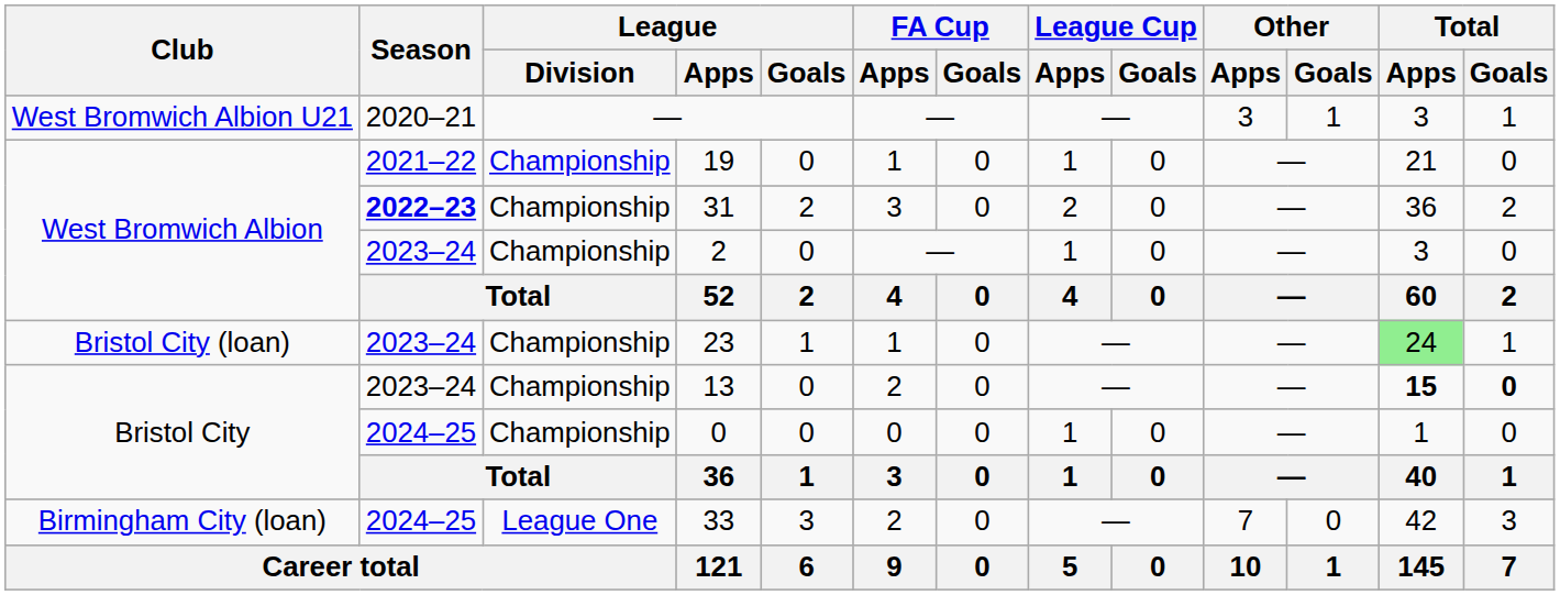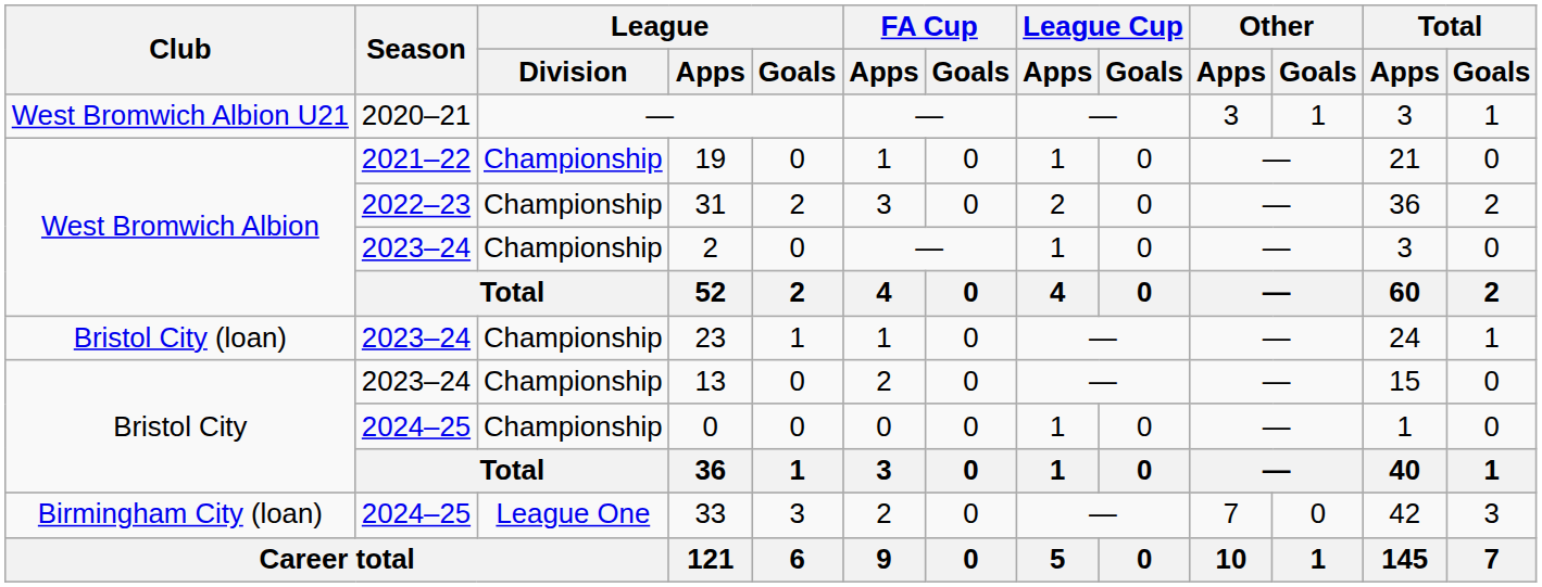 <table class="wikitable" style="text-align: center">
 <tr>
 <th rowspan="2">Club</th>
 <th rowspan="2">Season</th>
 <th colspan="3">League</th>
 <th colspan="2"><a href='#'>FA Cup</a></th>
 <th colspan="2"><a href='#'>League Cup</a></th>
 <th colspan="2">Other</th>
 <th colspan="2">Total</th>
 </tr>
 <tr>
 <th>Division</th>
 <th>Apps</th>
 <th>Goals</th>
 <th>Apps</th>
 <th>Goals</th>
 <th>Apps</th>
 <th>Goals</th>
 <th>Apps</th>
 <th>Goals</th>
 <th>Apps</th>
 <th>Goals</th>
 </tr>
 <tr>
 <td><a href='#'>West Bromwich Albion U21</a></td>
 <td>2020–21</td>
 <td colspan=3>—</td>
 <td colspan=2>—</td>
 <td colspan=2>—</td>
 <td>3</td>
 <td>1</td>
 <td>3</td>
 <td>1</td>
 </tr>
 <tr>
 <td rowspan="4"><a href='#'>West Bromwich Albion</a></td>
 <td><a href='#'>2021–22</a></td>
 <td><a href='#'>Championship</a></td>
 <td>19</td>
 <td>0</td>
 <td>1</td>
 <td>0</td>
 <td>1</td>
 <td>0</td>
 <td colspan=2>—</td>
 <td>21</td>
 <td>0</td>
 </tr>
 <tr>
-<td><strong><a href='#'>2022–23</a></strong></td>
+<td><a href='#'>2022–23</a></td>
 <td>Championship</td>
 <td>31</td>
 <td>2</td>
 <td>3</td>
 <td>0</td>
 <td>2</td>
 <td>0</td>
 <td colspan=2>—</td>
 <td>36</td>
 <td>2</td>
 </tr>
 <tr>
 <td><a href='#'>2023–24</a></td>
 <td>Championship</td>
 <td>2</td>
 <td>0</td>
 <td colspan=2>—</td>
 <td>1</td>
 <td>0</td>
 <td colspan=2>—</td>
 <td>3</td>
 <td>0</td>
 </tr>
 <tr>
 <th colspan=2>Total</th>
 <th>52</th>
 <th>2</th>
 <th>4</th>
 <th>0</th>
 <th>4</th>
 <th>0</th>
 <th colspan=2>—</th>
 <th>60</th>
 <th>2</th>
 </tr>
 <tr>
 <td><a href='#'>Bristol City</a> (loan)</td>
 <td><a href='#'>2023–24</a></td>
 <td>Championship</td>
 <td>23</td>
 <td>1</td>
 <td>1</td>
 <td>0</td>
 <td colspan=2>—</td>
 <td colspan=2>—</td>
-<td style="background: lightgreen;">24</td>
+<td>24</td>
 <td>1</td>
 </tr>
 <tr>
 <td rowspan="3">Bristol City</td>
 <td>2023–24</td>
 <td>Championship</td>
 <td>13</td>
 <td>0</td>
 <td>2</td>
 <td>0</td>
 <td colspan=2>—</td>
 <td colspan=2>—</td>
-<td><strong>15</strong></td>
-<td><strong>0</strong></td>
+<td>15</td>
+<td>0</td>
 </tr>
 <tr>
 <td><a href='#'>2024–25</a></td>
 <td>Championship</td>
 <td>0</td>
 <td>0</td>
 <td>0</td>
 <td>0</td>
 <td>1</td>
 <td>0</td>
 <td colspan=2>—</td>
 <td>1</td>
 <td>0</td>
 </tr>
 <tr>
 <th colspan=2>Total</th>
 <th>36</th>
 <th>1</th>
 <th>3</th>
 <th>0</th>
 <th>1</th>
 <th>0</th>
 <th colspan=2>—</th>
 <th>40</th>
 <th>1</th>
 </tr>
 <tr>
 <td><a href='#'>Birmingham City</a> (loan)</td>
 <td><a href='#'>2024–25</a></td>
 <td><a href='#'>League One</a></td>
 <td>33</td>
 <td>3</td>
 <td>2</td>
 <td>0</td>
 <td colspan=2>—</td>
 <td>7</td>
 <td>0</td>
 <td>42</td>
 <td>3</td>
 </tr>
 <tr>
 <th colspan=3>Career total</th>
 <th>121</th>
 <th>6</th>
 <th>9</th>
 <th>0</th>
 <th>5</th>
 <th>0</th>
 <th>10</th>
 <th>1</th>
 <th>145</th>
 <th>7</th>
 </tr>
 </table>
